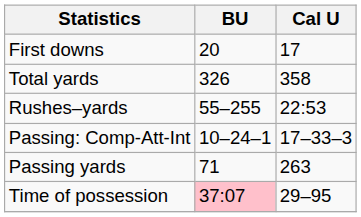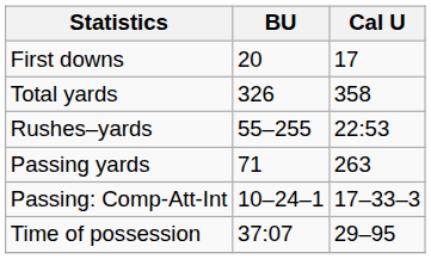 <table class="wikitable" style="float: left;">
 <tr>
 <th>Statistics</th>
 <th>BU</th>
 <th>Cal U</th>
 </tr>
 <tr>
 <td>First downs</td>
 <td>20</td>
 <td>17</td>
 </tr>
 <tr>
 <td>Total yards</td>
 <td>326</td>
 <td>358</td>
 </tr>
 <tr>
 <td>Rushes–yards</td>
 <td>55–255</td>
 <td>22:53</td>
 </tr>
 <tr>
+<td>Passing yards</td>
+<td>71</td>
+<td>263</td>
+</tr>
+<tr>
 <td>Passing: Comp-Att-Int</td>
 <td>10–24–1</td>
 <td>17–33–3</td>
 </tr>
 <tr>
-<td>Passing yards</td>
-<td>71</td>
-<td>263</td>
-</tr>
-<tr>
 <td>Time of possession</td>
-<td style="background: pink;">37:07</td>
+<td>37:07</td>
 <td>29–95</td>
 </tr>
 <tr>
 </tr>
 </table>
